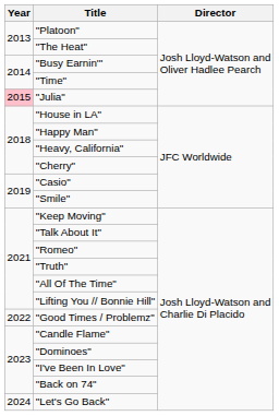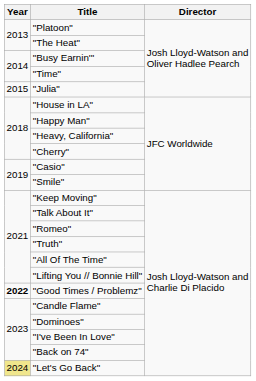 <table class="wikitable plainrowheaders">
 <tr>
 <th>Year</th>
 <th>Title</th>
 <th>Director</th>
 </tr>
 <tr>
 <td rowspan="2">2013</td>
 <td>"Platoon"</td>
 <td rowspan="5">Josh Lloyd-Watson and<br>Oliver Hadlee Pearch</td>
 </tr>
 <tr>
 <td>"The Heat"</td>
 </tr>
 <tr>
 <td rowspan="2">2014</td>
 <td>"Busy Earnin'"</td>
 </tr>
 <tr>
 <td>"Time"</td>
 </tr>
 <tr>
-<td style="background: pink;">2015</td>
+<td>2015</td>
 <td>"Julia"</td>
 </tr>
 <tr>
 <td rowspan="4">2018</td>
 <td>"House in LA"</td>
 <td rowspan="6">JFC Worldwide</td>
 </tr>
 <tr>
 <td>"Happy Man"</td>
 </tr>
 <tr>
 <td>"Heavy, California"</td>
 </tr>
 <tr>
 <td>"Cherry"</td>
 </tr>
 <tr>
 <td rowspan="2">2019</td>
 <td>"Casio"</td>
 </tr>
 <tr>
 <td>"Smile"</td>
 </tr>
 <tr>
 <td rowspan="6">2021</td>
 <td>"Keep Moving"</td>
 <td rowspan="12">Josh Lloyd-Watson and<br>Charlie Di Placido</td>
 </tr>
 <tr>
 <td>"Talk About It"</td>
 </tr>
 <tr>
 <td>"Romeo"</td>
 </tr>
 <tr>
 <td>"Truth"</td>
 </tr>
 <tr>
 <td>"All Of The Time"</td>
 </tr>
 <tr>
 <td>"Lifting You // Bonnie Hill"</td>
 </tr>
 <tr>
-<td>2022</td>
+<td><strong>2022</strong></td>
 <td>"Good Times / Problemz"</td>
 </tr>
 <tr>
 <td rowspan="4">2023</td>
 <td>"Candle Flame"</td>
 </tr>
 <tr>
 <td>"Dominoes"</td>
 </tr>
 <tr>
 <td>"I've Been In Love"</td>
 </tr>
 <tr>
 <td>"Back on 74"</td>
 </tr>
 <tr>
-<td>2024</td>
+<td style="background: khaki;">2024</td>
 <td>"Let's Go Back"</td>
 </tr>
 </table>
